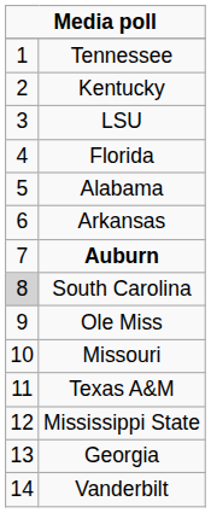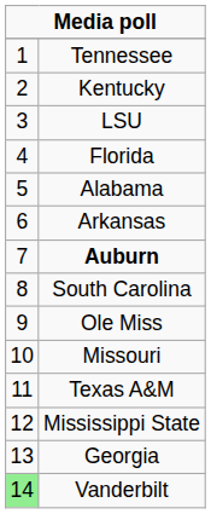 <table class="wikitable">
 <tr align="center">
 <td align="center" Colspan="3"><strong>Media poll</strong></td>
 </tr>
 <tr align="center">
 </tr>
 <tr align="center">
 <td>1</td>
 <td>Tennessee</td>
 </tr>
 <tr align="center">
 <td>2</td>
 <td>Kentucky</td>
 </tr>
 <tr align="center">
 <td>3</td>
 <td>LSU</td>
 </tr>
 <tr align="center">
 <td>4</td>
 <td>Florida</td>
 </tr>
 <tr align="center">
 <td>5</td>
 <td>Alabama</td>
 </tr>
 <tr align="center">
 <td>6</td>
 <td>Arkansas</td>
 </tr>
 <tr align="center">
 <td>7</td>
 <td><strong>Auburn</strong></td>
 </tr>
 <tr align="center">
-<td style="background: lightgrey;">8</td>
+<td>8</td>
 <td>South Carolina</td>
 </tr>
 <tr align="center">
 <td>9</td>
 <td>Ole Miss</td>
 </tr>
 <tr align="center">
 <td>10</td>
 <td>Missouri</td>
 </tr>
 <tr align="center">
 <td>11</td>
 <td>Texas A&M</td>
 </tr>
 <tr align="center">
 <td>12</td>
 <td>Mississippi State</td>
 </tr>
 <tr align="center">
 <td>13</td>
 <td>Georgia</td>
 </tr>
 <tr align="center">
-<td>14</td>
+<td style="background: lightgreen;">14</td>
 <td>Vanderbilt</td>
 </tr>
 </table>
